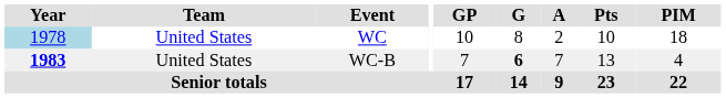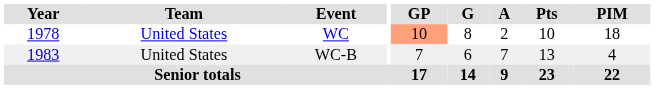 <table border="0" cellpadding="1" cellspacing="0" ID="Table3" style="text-align:center; width:40em">
 <tr bgcolor="#e0e0e0">
 <th>Year</th>
 <th>Team</th>
 <th>Event</th>
 <th rowspan="102" bgcolor="#ffffff"></th>
 <th>GP</th>
 <th>G</th>
 <th>A</th>
 <th>Pts</th>
 <th>PIM</th>
 </tr>
 <tr>
-<td style="background: lightblue;"><a href='#'>1978</a></td>
+<td><a href='#'>1978</a></td>
 <td><a href='#'>United States</a></td>
 <td><a href='#'>WC</a></td>
-<td>10</td>
+<td style="background: lightsalmon;">10</td>
 <td>8</td>
 <td>2</td>
 <td>10</td>
 <td>18</td>
 </tr>
 <tr bgcolor="#f0f0f0">
-<td><strong><a href='#'>1983</a></strong></td>
+<td><a href='#'>1983</a></td>
 <td>United States</td>
 <td>WC-B</td>
 <td>7</td>
-<td><strong>6</strong></td>
+<td>6</td>
 <td>7</td>
 <td>13</td>
 <td>4</td>
 </tr>
 <tr bgcolor="#e0e0e0">
 <th colspan="4">Senior totals</th>
 <th>17</th>
 <th>14</th>
 <th>9</th>
 <th>23</th>
 <th>22</th>
 </tr>
 </table>
